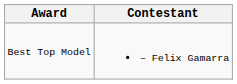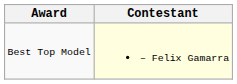 <table class="wikitable sortable" style="font-size: 85%;">
 <tr>
 <th>Award</th>
 <th>Contestant</th>
 </tr>
 <tr>
 <td><small>Best Top Model</small></td>
-<td><br><ul><li><small> – Felix Gamarra</small></li></ul></td>
+<td style="background: lightyellow;"><br><ul><li><small> – Felix Gamarra</small></li></ul></td>
 </tr>
 </table>
